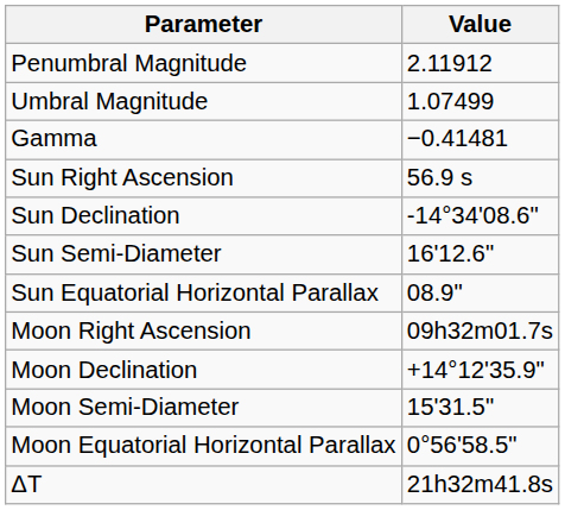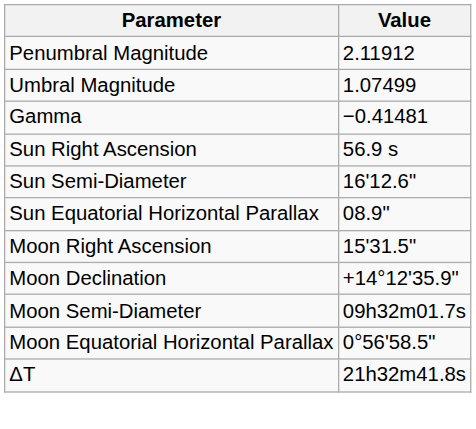 <table class="wikitable">
 <tr>
 <th>Parameter</th>
 <th>Value</th>
 </tr>
 <tr>
 <td>Penumbral Magnitude</td>
 <td>2.11912</td>
 </tr>
 <tr>
 <td>Umbral Magnitude</td>
 <td>1.07499</td>
 </tr>
 <tr>
 <td>Gamma</td>
 <td>−0.41481</td>
 </tr>
 <tr>
 <td>Sun Right Ascension</td>
 <td>56.9 s</td>
 </tr>
 <tr>
-<td>Sun Declination</td>
-<td>-14°34'08.6"</td>
-</tr>
-<tr>
 <td>Sun Semi-Diameter</td>
 <td>16'12.6"</td>
 </tr>
 <tr>
 <td>Sun Equatorial Horizontal Parallax</td>
 <td>08.9"</td>
 </tr>
 <tr>
 <td>Moon Right Ascension</td>
-<td>09h32m01.7s</td>
+<td>15'31.5"</td>
 </tr>
 <tr>
 <td>Moon Declination</td>
 <td>+14°12'35.9"</td>
 </tr>
 <tr>
 <td>Moon Semi-Diameter</td>
-<td>15'31.5"</td>
+<td>09h32m01.7s</td>
 </tr>
 <tr>
 <td>Moon Equatorial Horizontal Parallax</td>
 <td>0°56'58.5"</td>
 </tr>
 <tr>
 <td>ΔT</td>
 <td>21h32m41.8s</td>
 </tr>
 </table>
